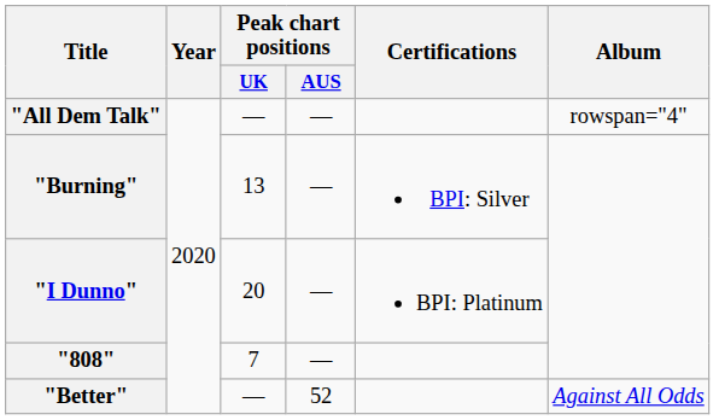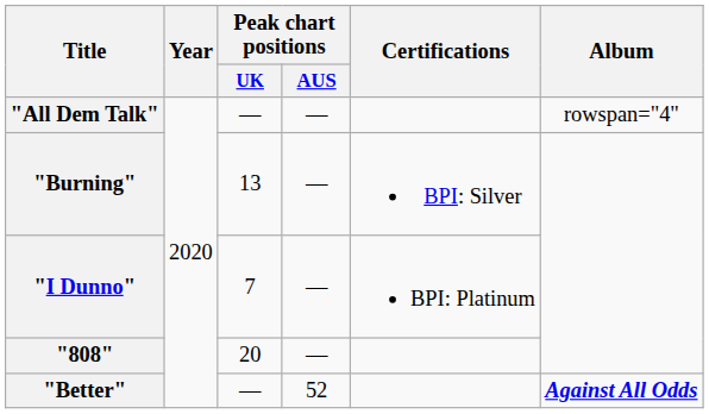 <table class="wikitable plainrowheaders" style="text-align:center;">
 <tr>
 <th scope="col" rowspan="2">Title</th>
 <th scope="col" rowspan="2">Year</th>
 <th scope="col" colspan="2">Peak chart positions</th>
 <th scope="col" rowspan="2">Certifications</th>
 <th scope="col" rowspan="2">Album</th>
 </tr>
 <tr>
 <th scope="col" style="width:3em;font-size:85%;"><a href='#'>UK</a><br></th>
 <th scope="col" style="width:3em;font-size:90%;"><a href='#'>AUS</a><br></th>
 </tr>
 <tr>
 <th scope="row">"All Dem Talk"<br></th>
 <td rowspan="5">2020</td>
 <td>—</td>
 <td>—</td>
 <td></td>
 <td>rowspan="4" </td>
 </tr>
 <tr>
 <th scope="row">"Burning"<br></th>
 <td>13</td>
 <td>—</td>
 <td><br><ul><li><a href='#'>BPI</a>: Silver</li></ul></td>
 </tr>
 <tr>
 <th scope="row">"<a href='#'>I Dunno</a>"<br></th>
-<td>20</td>
+<td>7</td>
 <td>—</td>
 <td><br><ul><li>BPI: Platinum</li></ul></td>
 </tr>
 <tr>
 <th scope="row">"808"<br></th>
-<td>7</td>
+<td>20</td>
 <td>—</td>
 <td></td>
 </tr>
 <tr>
 <th scope="row">"Better"<br></th>
 <td>—</td>
 <td>52</td>
 <td></td>
-<td><em><a href='#'>Against All Odds</a></em></td>
+<td><strong><em><a href='#'>Against All Odds</a></em></strong></td>
 </tr>
 </table>
